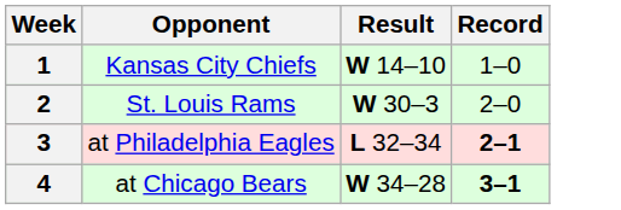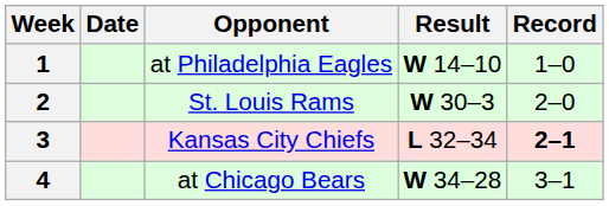 <table class="wikitable" style="text-align:center">
 <tr>
 <th>Week</th>
+<th>Date</th>
 <th>Opponent</th>
 <th>Result</th>
 <th>Record</th>
 </tr>
 <tr style="background:#dfd;">
 <th>1</th>
-<td><a href='#'>Kansas City Chiefs</a></td>
+<td></td>
+<td>at <a href='#'>Philadelphia Eagles</a></td>
 <td><strong>W</strong> 14–10</td>
 <td>1–0</td>
 </tr>
 <tr style="background:#dfd;">
 <th>2</th>
+<td></td>
 <td><a href='#'>St. Louis Rams</a></td>
 <td><strong>W</strong> 30–3</td>
 <td>2–0</td>
 </tr>
 <tr style="background:#fdd;">
 <th>3</th>
-<td>at <a href='#'>Philadelphia Eagles</a></td>
+<td></td>
+<td><a href='#'>Kansas City Chiefs</a></td>
 <td><strong>L</strong> 32–34</td>
 <td><strong>2–1</strong></td>
 </tr>
 <tr style="background:#dfd;">
 <th>4</th>
+<td></td>
 <td>at <a href='#'>Chicago Bears</a></td>
 <td><strong>W</strong> 34–28</td>
-<td><strong>3–1</strong></td>
+<td>3–1</td>
 </tr>
 </table>
